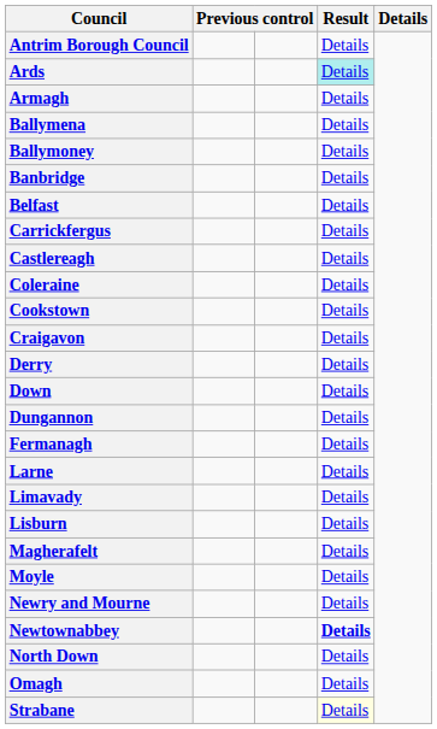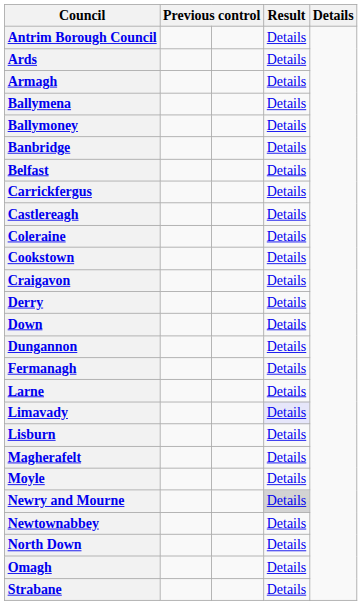 <table class="wikitable sortable" border="1">
 <tr>
 <th scope="col">Council</th>
 <th colspan=2>Previous control</th>
 <th colspan=2>Result</th>
 <th class="unsortable" scope="col">Details</th>
 </tr>
 <tr>
 <th scope="row" style="text-align: left;"><a href='#'>Antrim Borough Council</a></th>
 <td></td>
 <td></td>
 <td><a href='#'>Details</a></td>
 </tr>
 <tr>
 <th scope="row" style="text-align: left;"><a href='#'>Ards</a></th>
 <td></td>
 <td></td>
-<td style="background: paleturquoise;"><a href='#'>Details</a></td>
+<td><a href='#'>Details</a></td>
 </tr>
 <tr>
 <th scope="row" style="text-align: left;"><a href='#'>Armagh</a></th>
 <td></td>
 <td></td>
 <td><a href='#'>Details</a></td>
 </tr>
 <tr>
 <th scope="row" style="text-align: left;"><a href='#'>Ballymena</a></th>
 <td></td>
 <td></td>
 <td><a href='#'>Details</a></td>
 </tr>
 <tr>
 <th scope="row" style="text-align: left;"><a href='#'>Ballymoney</a></th>
 <td></td>
 <td></td>
 <td><a href='#'>Details</a></td>
 </tr>
 <tr>
 <th scope="row" style="text-align: left;"><a href='#'>Banbridge</a></th>
 <td></td>
 <td></td>
 <td><a href='#'>Details</a></td>
 </tr>
 <tr>
 <th scope="row" style="text-align: left;"><a href='#'>Belfast</a></th>
 <td></td>
 <td></td>
 <td><a href='#'>Details</a></td>
 </tr>
 <tr>
 <th scope="row" style="text-align: left;"><a href='#'>Carrickfergus</a></th>
 <td></td>
 <td></td>
 <td><a href='#'>Details</a></td>
 </tr>
 <tr>
 <th scope="row" style="text-align: left;"><a href='#'>Castlereagh</a></th>
 <td></td>
 <td></td>
 <td><a href='#'>Details</a></td>
 </tr>
 <tr>
 <th scope="row" style="text-align: left;"><a href='#'>Coleraine</a></th>
 <td></td>
 <td></td>
 <td><a href='#'>Details</a></td>
 </tr>
 <tr>
 <th scope="row" style="text-align: left;"><a href='#'>Cookstown</a></th>
 <td></td>
 <td></td>
 <td><a href='#'>Details</a></td>
 </tr>
 <tr>
 <th scope="row" style="text-align: left;"><a href='#'>Craigavon</a></th>
 <td></td>
 <td></td>
 <td><a href='#'>Details</a></td>
 </tr>
 <tr>
 <th scope="row" style="text-align: left;"><a href='#'>Derry</a></th>
 <td></td>
 <td></td>
 <td><a href='#'>Details</a></td>
 </tr>
 <tr>
 <th scope="row" style="text-align: left;"><a href='#'>Down</a></th>
 <td></td>
 <td></td>
 <td><a href='#'>Details</a></td>
 </tr>
 <tr>
 <th scope="row" style="text-align: left;"><a href='#'>Dungannon</a></th>
 <td></td>
 <td></td>
 <td><a href='#'>Details</a></td>
 </tr>
 <tr>
 <th scope="row" style="text-align: left;"><a href='#'>Fermanagh</a></th>
 <td></td>
 <td></td>
 <td><a href='#'>Details</a></td>
 </tr>
 <tr>
 <th scope="row" style="text-align: left;"><a href='#'>Larne</a></th>
 <td></td>
 <td></td>
 <td><a href='#'>Details</a></td>
 </tr>
 <tr>
 <th scope="row" style="text-align: left;"><a href='#'>Limavady</a></th>
 <td></td>
 <td></td>
-<td><a href='#'>Details</a></td>
+<td style="background: lavender;"><a href='#'>Details</a></td>
 </tr>
 <tr>
 <th scope="row" style="text-align: left;"><a href='#'>Lisburn</a></th>
 <td></td>
 <td></td>
 <td><a href='#'>Details</a></td>
 </tr>
 <tr>
 <th scope="row" style="text-align: left;"><a href='#'>Magherafelt</a></th>
 <td></td>
 <td></td>
 <td><a href='#'>Details</a></td>
 </tr>
 <tr>
 <th scope="row" style="text-align: left;"><a href='#'>Moyle</a></th>
 <td></td>
 <td></td>
 <td><a href='#'>Details</a></td>
 </tr>
 <tr>
 <th scope="row" style="text-align: left;"><a href='#'>Newry and Mourne</a></th>
 <td></td>
 <td></td>
-<td><a href='#'>Details</a></td>
+<td style="background: lightgrey;"><a href='#'>Details</a></td>
 </tr>
 <tr>
 <th scope="row" style="text-align: left;"><a href='#'>Newtownabbey</a></th>
 <td></td>
 <td></td>
-<td><strong><a href='#'>Details</a></strong></td>
+<td><a href='#'>Details</a></td>
 </tr>
 <tr>
 <th scope="row" style="text-align: left;"><a href='#'>North Down</a></th>
 <td></td>
 <td></td>
 <td><a href='#'>Details</a></td>
 </tr>
 <tr>
 <th scope="row" style="text-align: left;"><a href='#'>Omagh</a></th>
 <td></td>
 <td></td>
 <td><a href='#'>Details</a></td>
 </tr>
 <tr>
 <th scope="row" style="text-align: left;"><a href='#'>Strabane</a></th>
 <td></td>
 <td></td>
-<td style="background: lightyellow;"><a href='#'>Details</a></td>
+<td><a href='#'>Details</a></td>
 </tr>
 </table>
